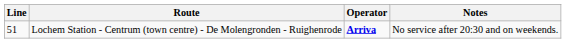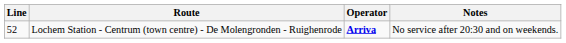 <table class="wikitable" style="font-size:85%;">
 <tr>
 <th>Line</th>
 <th>Route</th>
 <th>Operator</th>
 <th>Notes</th>
 </tr>
 <tr>
-<td>51</td>
+<td>52</td>
 <td>Lochem Station - Centrum (town centre) - De Molengronden - Ruighenrode</td>
 <td><strong><a href='#'>Arriva</a></strong></td>
 <td>No service after 20:30 and on weekends.</td>
 </tr>
 </table>
